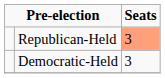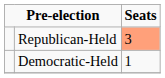 <table class= "wikitable">
 <tr>
 <td colspan= "2" rowspan= "1" align= "center" valign= "top"><strong>Pre-election</strong></td>
 <td valign= "top"><strong>Seats</strong><br></td>
 </tr>
 <tr>
 <td style="background-color:"> </td>
 <td>Republican-Held</td>
 <td style="background: lightsalmon;">3</td>
 </tr>
 <tr>
 <td style="background-color:"> </td>
 <td>Democratic-Held</td>
-<td>3</td>
+<td>1</td>
 </tr>
 <tr>
 </tr>
 </table>
